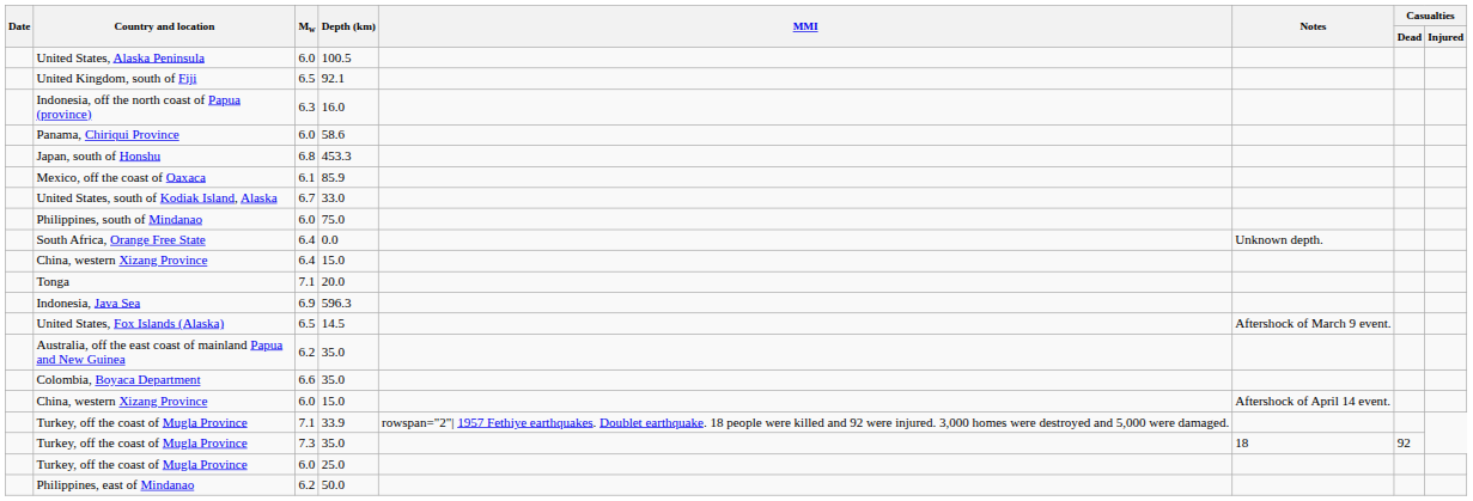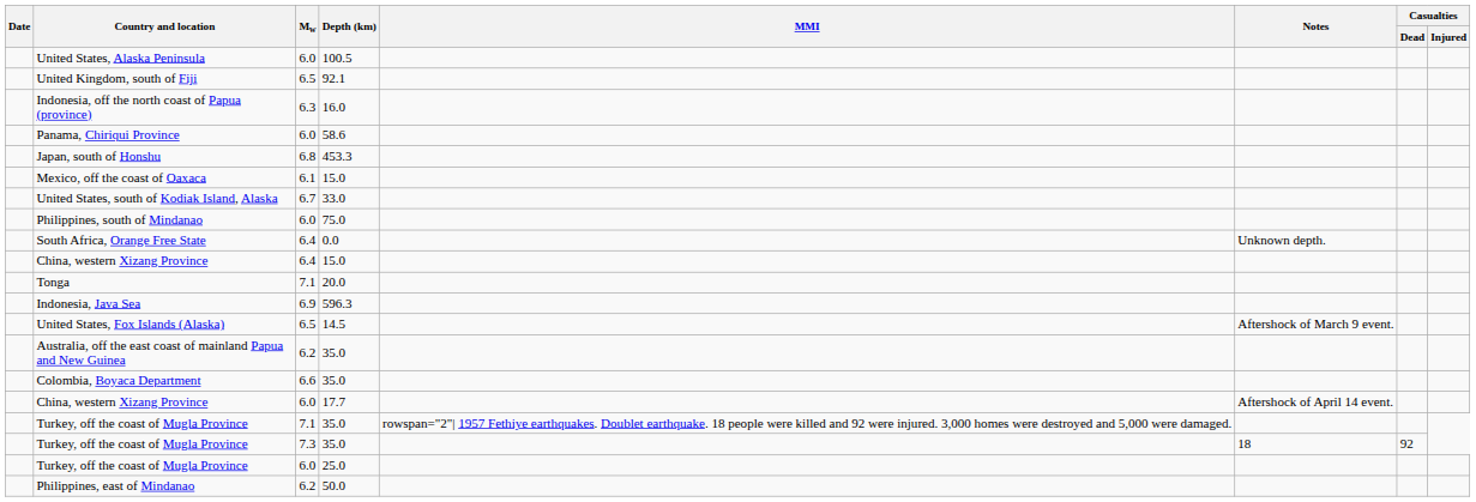 <table class="wikitable sortable sort-under" style="border:1px black; margin-left:1em;">
 <tr>
 <th rowspan="2"><small>Date</small></th>
 <th rowspan="2" style="width: 310px"><small>Country and location</small></th>
 <th rowspan="2"><small>M<sub>w</sub></small></th>
 <th rowspan="2"><small>Depth (km)</small></th>
 <th rowspan="2"><small><a href='#'>MMI</a></small></th>
 <th rowspan="2" class="unsortable"><small>Notes</small></th>
 <th colspan="2"><small>Casualties</small></th>
 </tr>
 <tr>
 <th><small>Dead</small></th>
 <th><small>Injured</small></th>
 </tr>
 <tr>
 <td></td>
 <td>United States, <a href='#'>Alaska Peninsula</a></td>
 <td>6.0</td>
 <td>100.5</td>
 <td></td>
 <td></td>
 <td></td>
 <td></td>
 </tr>
 <tr>
 <td></td>
 <td>United Kingdom, south of <a href='#'>Fiji</a></td>
 <td>6.5</td>
 <td>92.1</td>
 <td></td>
 <td></td>
 <td></td>
 <td></td>
 </tr>
 <tr>
 <td></td>
 <td>Indonesia, off the north coast of <a href='#'>Papua (province)</a></td>
 <td>6.3</td>
 <td>16.0</td>
 <td></td>
 <td></td>
 <td></td>
 <td></td>
 </tr>
 <tr>
 <td></td>
 <td>Panama, <a href='#'>Chiriqui Province</a></td>
 <td>6.0</td>
 <td>58.6</td>
 <td></td>
 <td></td>
 <td></td>
 <td></td>
 </tr>
 <tr>
 <td></td>
 <td>Japan, south of <a href='#'>Honshu</a></td>
 <td>6.8</td>
 <td>453.3</td>
 <td></td>
 <td></td>
 <td></td>
 <td></td>
 </tr>
 <tr>
 <td></td>
 <td>Mexico, off the coast of <a href='#'>Oaxaca</a></td>
 <td>6.1</td>
-<td>85.9</td>
+<td>15.0</td>
 <td></td>
 <td></td>
 <td></td>
 <td></td>
 </tr>
 <tr>
 <td></td>
 <td>United States, south of <a href='#'>Kodiak Island</a>, <a href='#'>Alaska</a></td>
 <td>6.7</td>
 <td>33.0</td>
 <td></td>
 <td></td>
 <td></td>
 <td></td>
 </tr>
 <tr>
 <td></td>
 <td>Philippines, south of <a href='#'>Mindanao</a></td>
 <td>6.0</td>
 <td>75.0</td>
 <td></td>
 <td></td>
 <td></td>
 <td></td>
 </tr>
 <tr>
 <td></td>
 <td>South Africa, <a href='#'>Orange Free State</a></td>
 <td>6.4</td>
 <td>0.0</td>
 <td></td>
 <td>Unknown depth.</td>
 <td></td>
 <td></td>
 </tr>
 <tr>
 <td></td>
 <td>China, western <a href='#'>Xizang Province</a></td>
 <td>6.4</td>
 <td>15.0</td>
 <td></td>
 <td></td>
 <td></td>
 <td></td>
 </tr>
 <tr>
 <td></td>
 <td>Tonga</td>
 <td>7.1</td>
 <td>20.0</td>
 <td></td>
 <td></td>
 <td></td>
 <td></td>
 </tr>
 <tr>
 <td></td>
 <td>Indonesia, <a href='#'>Java Sea</a></td>
 <td>6.9</td>
 <td>596.3</td>
 <td></td>
 <td></td>
 <td></td>
 <td></td>
 </tr>
 <tr>
 <td></td>
 <td>United States, <a href='#'>Fox Islands (Alaska)</a></td>
 <td>6.5</td>
 <td>14.5</td>
 <td></td>
 <td>Aftershock of March 9 event.</td>
 <td></td>
 <td></td>
 </tr>
 <tr>
 <td></td>
 <td>Australia, off the east coast of mainland <a href='#'>Papua and New Guinea</a></td>
 <td>6.2</td>
 <td>35.0</td>
 <td></td>
 <td></td>
 <td></td>
 <td></td>
 </tr>
 <tr>
 <td></td>
 <td>Colombia, <a href='#'>Boyaca Department</a></td>
 <td>6.6</td>
 <td>35.0</td>
 <td></td>
 <td></td>
 <td></td>
 <td></td>
 </tr>
 <tr>
 <td></td>
 <td>China, western <a href='#'>Xizang Province</a></td>
 <td>6.0</td>
-<td>15.0</td>
+<td>17.7</td>
 <td></td>
 <td>Aftershock of April 14 event.</td>
 <td></td>
 <td></td>
 </tr>
 <tr>
 <td></td>
 <td>Turkey, off the coast of <a href='#'>Mugla Province</a></td>
 <td>7.1</td>
-<td>33.9</td>
+<td>35.0</td>
 <td>rowspan="2"| <a href='#'>1957 Fethiye earthquakes</a>. <a href='#'>Doublet earthquake</a>. 18 people were killed and 92 were injured. 3,000 homes were destroyed and 5,000 were damaged.</td>
 <td></td>
 <td></td>
 </tr>
 <tr>
 <td></td>
 <td>Turkey, off the coast of <a href='#'>Mugla Province</a></td>
 <td>7.3</td>
 <td>35.0</td>
 <td></td>
 <td>18</td>
 <td>92</td>
 </tr>
 <tr>
 <td></td>
 <td>Turkey, off the coast of <a href='#'>Mugla Province</a></td>
 <td>6.0</td>
 <td>25.0</td>
 <td></td>
 <td></td>
 <td></td>
 <td></td>
 </tr>
 <tr>
 <td></td>
 <td>Philippines, east of <a href='#'>Mindanao</a></td>
 <td>6.2</td>
 <td>50.0</td>
 <td></td>
 <td></td>
 <td></td>
 <td></td>
 </tr>
 </table>
